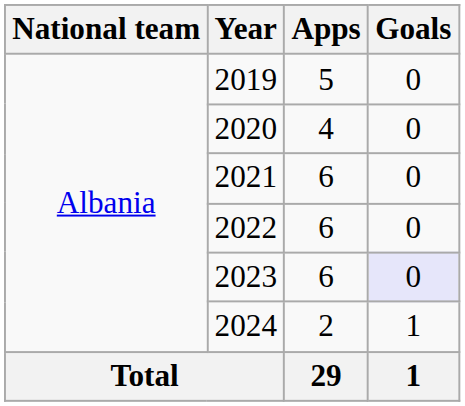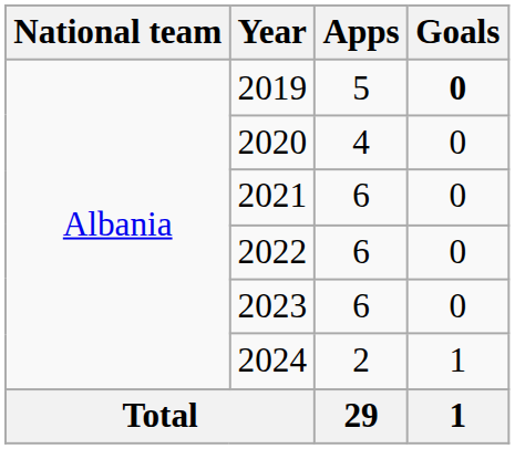 <table class="wikitable" style="text-align:center">
 <tr>
 <th>National team</th>
 <th>Year</th>
 <th>Apps</th>
 <th>Goals</th>
 </tr>
 <tr>
 <td rowspan="6"><a href='#'>Albania</a></td>
 <td>2019</td>
 <td>5</td>
-<td>0</td>
+<td><strong>0</strong></td>
 </tr>
 <tr>
 <td>2020</td>
 <td>4</td>
 <td>0</td>
 </tr>
 <tr>
 <td>2021</td>
 <td>6</td>
 <td>0</td>
 </tr>
 <tr>
 <td>2022</td>
 <td>6</td>
 <td>0</td>
 </tr>
 <tr>
 <td>2023</td>
 <td>6</td>
-<td style="background: lavender;">0</td>
+<td>0</td>
 </tr>
 <tr>
 <td>2024</td>
 <td>2</td>
 <td>1</td>
 </tr>
 <tr>
 <th colspan="2">Total</th>
 <th>29</th>
 <th>1</th>
 </tr>
 </table>
